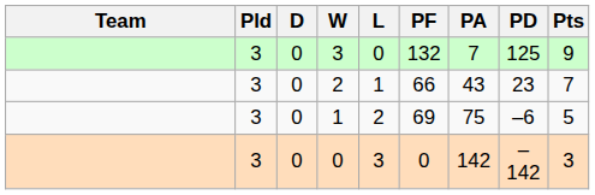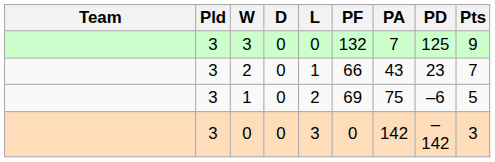 <table class="wikitable" style="text-align:center;">
 <tr>
 <th width=175>Team</th>
 <th width=25 abbr="Played">Pld</th>
+<th width=25 abbr="Won">W</th>
 <th width=25 abbr="Drawn">D</th>
-<th width=25 abbr="Won">W</th>
 <th width=25 abbr="Lost">L</th>
 <th width=32 abbr="Points for">PF</th>
 <th width=32 abbr="Points against">PA</th>
 <th width=32 abbr="Points difference">PD</th>
 <th width=25 abbr="Points">Pts</th>
 </tr>
 <tr bgcolor="#ccffcc">
 <td align=left></td>
 <td>3</td>
+<td>3</td>
 <td>0</td>
-<td>3</td>
 <td>0</td>
 <td>132</td>
 <td>7</td>
 <td>125</td>
 <td>9</td>
 </tr>
 <tr>
 <td align=left></td>
 <td>3</td>
+<td>2</td>
 <td>0</td>
-<td>2</td>
 <td>1</td>
 <td>66</td>
 <td>43</td>
 <td>23</td>
 <td>7</td>
 </tr>
 <tr>
 <td align=left></td>
 <td>3</td>
+<td>1</td>
 <td>0</td>
-<td>1</td>
 <td>2</td>
 <td>69</td>
 <td>75</td>
 <td>–6</td>
 <td>5</td>
 </tr>
 <tr bgcolor="#ffddbb">
 <td align=left></td>
 <td>3</td>
 <td>0</td>
 <td>0</td>
 <td>3</td>
 <td>0</td>
 <td>142</td>
 <td>–142</td>
 <td>3</td>
 </tr>
 </table>
